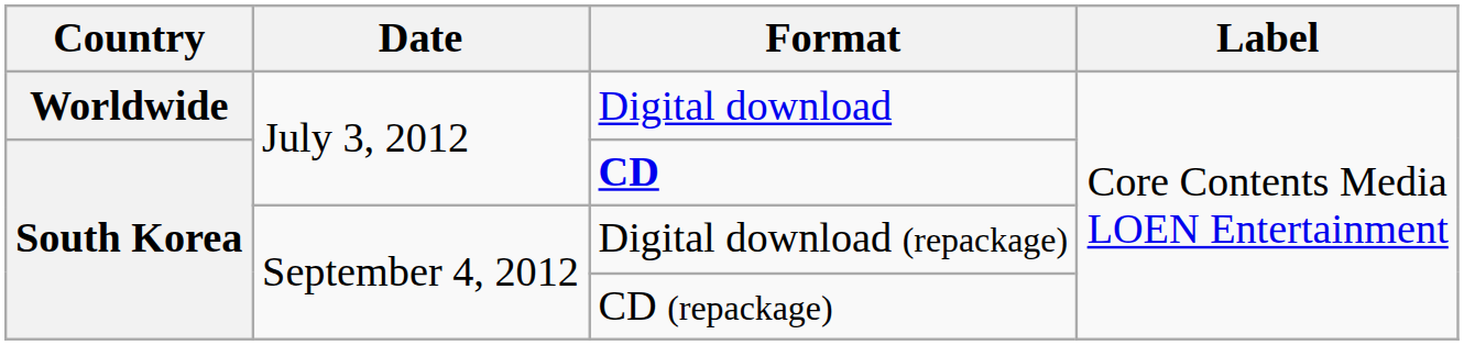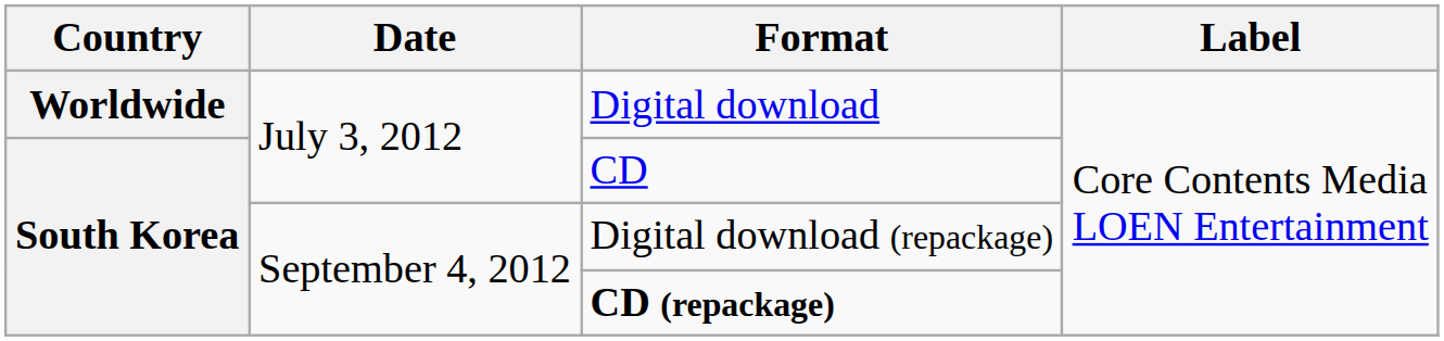 <table class="wikitable plainrowheaders">
 <tr>
 <th scope="col">Country</th>
 <th>Date</th>
 <th>Format</th>
 <th>Label</th>
 </tr>
 <tr>
 <th scope="row">Worldwide</th>
 <td rowspan="3">July 3, 2012</td>
 <td rowspan="2"><a href='#'>Digital download</a></td>
 <td rowspan="5">Core Contents Media<br><a href='#'>LOEN Entertainment</a></td>
 </tr>
 <tr>
 <th scope="row" rowspan="4">South Korea</th>
 </tr>
 <tr>
-<td><strong><a href='#'>CD</a></strong></td>
+<td><a href='#'>CD</a></td>
 </tr>
 <tr>
 <td rowspan="2">September 4, 2012</td>
 <td>Digital download <small>(repackage)</small></td>
 </tr>
 <tr>
-<td>CD <small>(repackage)</small></td>
+<td><strong>CD <small>(repackage)</small></strong></td>
 </tr>
 </table>
